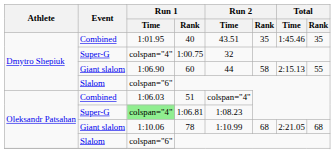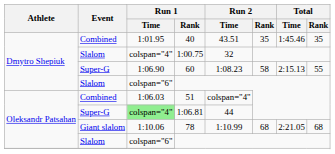 <table class="wikitable" style="font-size:90%">
 <tr>
 <th rowspan=2>Athlete</th>
 <th rowspan=2>Event</th>
 <th colspan=2>Run 1</th>
 <th colspan=2>Run 2</th>
 <th colspan=2>Total</th>
 </tr>
 <tr style="font-size:95%">
 <th>Time</th>
 <th>Rank</th>
 <th>Time</th>
 <th>Rank</th>
 <th>Time</th>
 <th>Rank</th>
 </tr>
 <tr align=center>
 <td rowspan="4" align="left"><a href='#'>Dmytro Shepiuk</a></td>
 <td align="left"><a href='#'>Combined</a></td>
 <td>1:01.95</td>
 <td>40</td>
 <td>43.51</td>
 <td>35</td>
 <td>1:45.46</td>
 <td>35</td>
 </tr>
 <tr align=center>
-<td align="left"><a href='#'>Super-G</a></td>
+<td align="left"><a href='#'>Slalom</a></td>
 <td>colspan="4"</td>
 <td>1:00.75</td>
 <td>32</td>
 </tr>
 <tr align=center>
-<td align="left"><a href='#'>Giant slalom</a></td>
+<td align="left"><a href='#'>Super-G</a></td>
 <td>1:06.90</td>
 <td>60</td>
-<td>44</td>
+<td>1:08.23</td>
 <td>58</td>
 <td>2:15.13</td>
 <td>55</td>
 </tr>
 <tr align=center>
 <td align="left"><a href='#'>Slalom</a></td>
 <td>colspan="6" </td>
 </tr>
 <tr align=center>
 <td rowspan="4" align="left"><a href='#'>Oleksandr Patsahan</a></td>
 <td align="left"><a href='#'>Combined</a></td>
 <td>1:06.03</td>
 <td>51</td>
 <td>colspan="4" </td>
 </tr>
 <tr align=center>
 <td align="left"><a href='#'>Super-G</a></td>
 <td style="background: lightgreen;">colspan="4"</td>
 <td>1:06.81</td>
-<td>1:08.23</td>
+<td>44</td>
 </tr>
 <tr align=center>
 <td align="left"><a href='#'>Giant slalom</a></td>
 <td>1:10.06</td>
 <td>78</td>
 <td>1:10.99</td>
 <td>68</td>
 <td>2:21.05</td>
 <td>68</td>
 </tr>
 <tr align=center>
 <td align="left"><a href='#'>Slalom</a></td>
 <td>colspan="6" </td>
 </tr>
 <tr align=center>
 </tr>
 </table>
